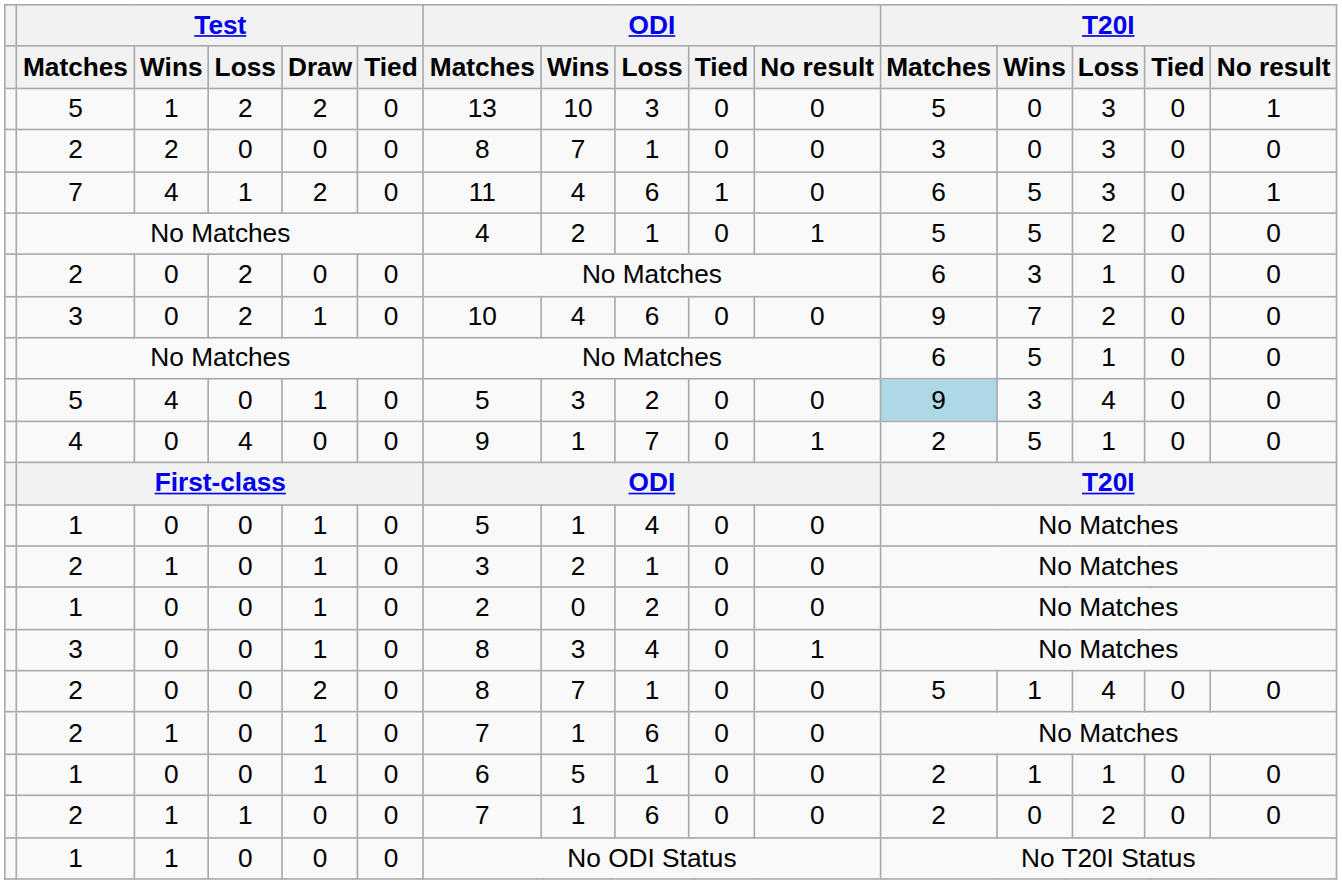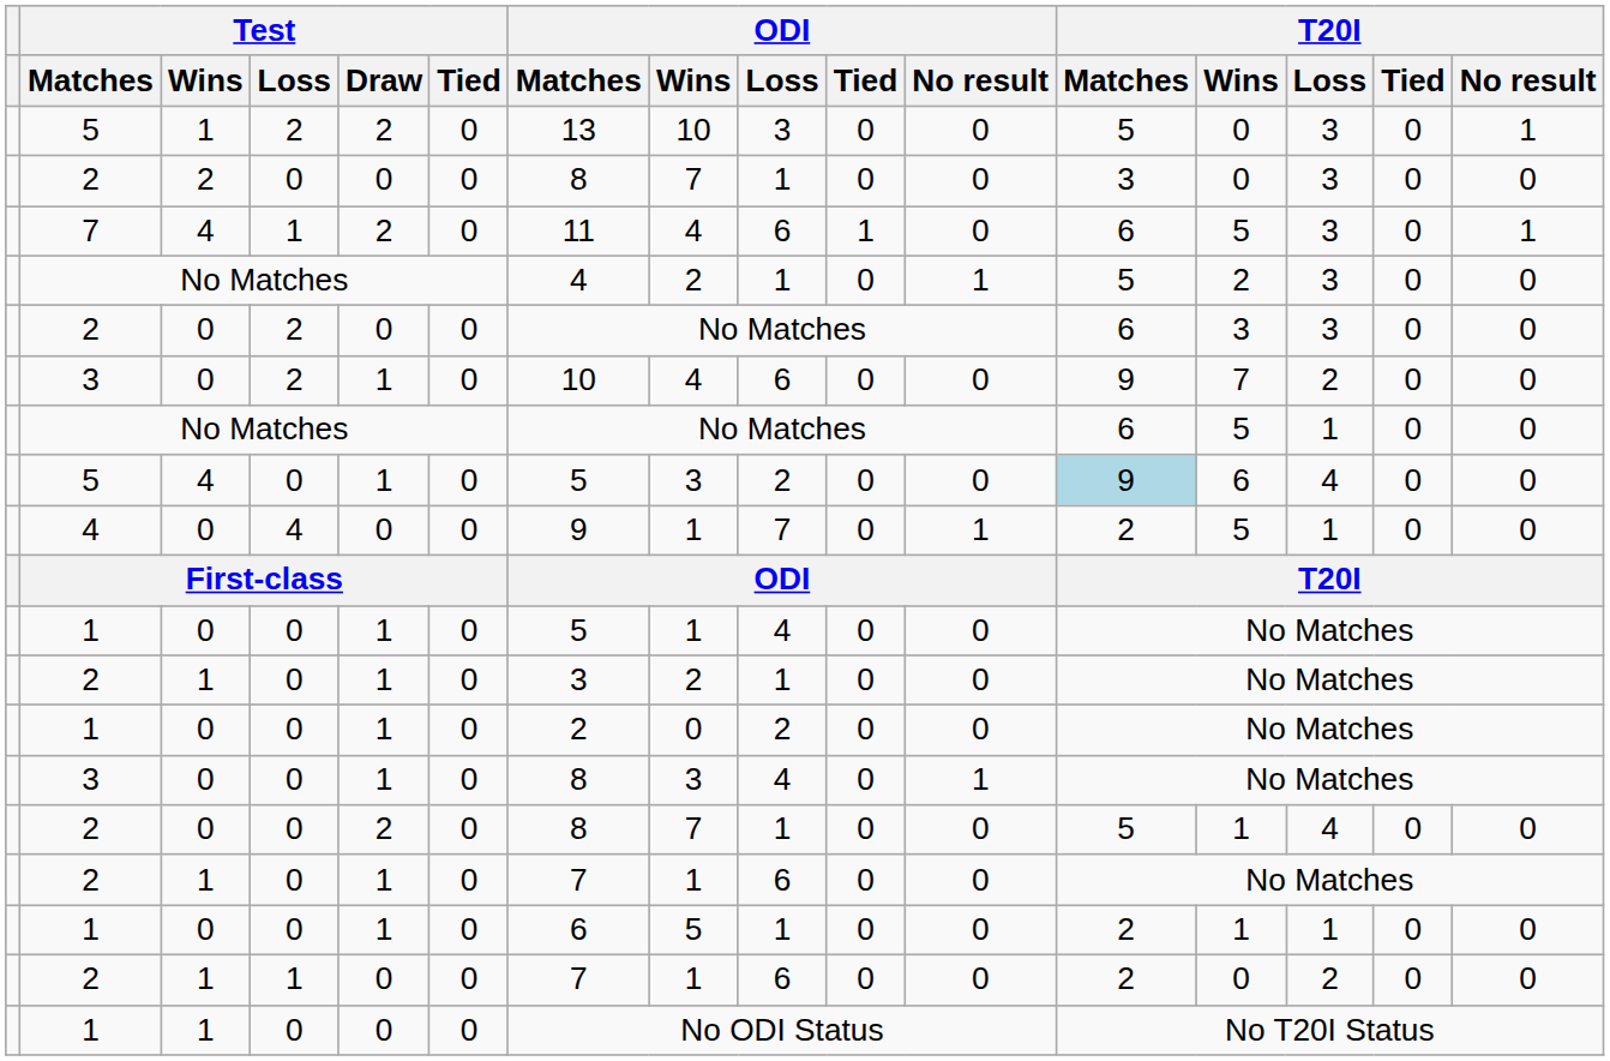 <table class="wikitable" style="text-align:center">
 <tr>
 <th></th>
 <th colspan=5!><a href='#'>Test</a></th>
 <th colspan=5!><a href='#'>ODI</a></th>
 <th colspan=5!><a href='#'>T20I</a></th>
 </tr>
 <tr>
 <th></th>
 <th>Matches</th>
 <th>Wins</th>
 <th>Loss</th>
 <th>Draw</th>
 <th>Tied</th>
 <th>Matches</th>
 <th>Wins</th>
 <th>Loss</th>
 <th>Tied</th>
 <th>No result</th>
 <th>Matches</th>
 <th>Wins</th>
 <th>Loss</th>
 <th>Tied</th>
 <th>No result</th>
 </tr>
 <tr>
 <td align="left"></td>
 <td>5</td>
 <td>1</td>
 <td>2</td>
 <td>2</td>
 <td>0</td>
 <td>13</td>
 <td>10</td>
 <td>3</td>
 <td>0</td>
 <td>0</td>
 <td>5</td>
 <td>0</td>
 <td>3</td>
 <td>0</td>
 <td>1</td>
 </tr>
 <tr>
 <td align="left"></td>
 <td>2</td>
 <td>2</td>
 <td>0</td>
 <td>0</td>
 <td>0</td>
 <td>8</td>
 <td>7</td>
 <td>1</td>
 <td>0</td>
 <td>0</td>
 <td>3</td>
 <td>0</td>
 <td>3</td>
 <td>0</td>
 <td>0</td>
 </tr>
 <tr>
 <td align="left"></td>
 <td>7</td>
 <td>4</td>
 <td>1</td>
 <td>2</td>
 <td>0</td>
 <td>11</td>
 <td>4</td>
 <td>6</td>
 <td>1</td>
 <td>0</td>
 <td>6</td>
 <td>5</td>
 <td>3</td>
 <td>0</td>
 <td>1</td>
 </tr>
 <tr>
 <td align="left"></td>
 <td colspan=5>No Matches</td>
 <td>4</td>
 <td>2</td>
 <td>1</td>
 <td>0</td>
 <td>1</td>
 <td>5</td>
-<td>5</td>
 <td>2</td>
+<td>3</td>
 <td>0</td>
 <td>0</td>
 </tr>
 <tr>
 <td align="left"></td>
 <td>2</td>
 <td>0</td>
 <td>2</td>
 <td>0</td>
 <td>0</td>
 <td colspan=5>No Matches</td>
 <td>6</td>
 <td>3</td>
-<td>1</td>
+<td>3</td>
 <td>0</td>
 <td>0</td>
 </tr>
 <tr>
 <td align="left"></td>
 <td>3</td>
 <td>0</td>
 <td>2</td>
 <td>1</td>
 <td>0</td>
 <td>10</td>
 <td>4</td>
 <td>6</td>
 <td>0</td>
 <td>0</td>
 <td>9</td>
 <td>7</td>
 <td>2</td>
 <td>0</td>
 <td>0</td>
 </tr>
 <tr>
 <td align="left"></td>
 <td colspan=5>No Matches</td>
 <td colspan=5>No Matches</td>
 <td>6</td>
 <td>5</td>
 <td>1</td>
 <td>0</td>
 <td>0</td>
 </tr>
 <tr>
 <td align="left"></td>
 <td>5</td>
 <td>4</td>
 <td>0</td>
 <td>1</td>
 <td>0</td>
 <td>5</td>
 <td>3</td>
 <td>2</td>
 <td>0</td>
 <td>0</td>
 <td style="background: lightblue;">9</td>
-<td>3</td>
+<td>6</td>
 <td>4</td>
 <td>0</td>
 <td>0</td>
 </tr>
 <tr>
 <td align="left"></td>
 <td>4</td>
 <td>0</td>
 <td>4</td>
 <td>0</td>
 <td>0</td>
 <td>9</td>
 <td>1</td>
 <td>7</td>
 <td>0</td>
 <td>1</td>
 <td>2</td>
 <td>5</td>
 <td>1</td>
 <td>0</td>
 <td>0</td>
 </tr>
 <tr>
 <th></th>
 <th colspan=5!><a href='#'>First-class</a></th>
 <th colspan=5!><a href='#'>ODI</a></th>
 <th colspan=5!><a href='#'>T20I</a></th>
 </tr>
 <tr>
 <td align="left"></td>
 <td>1</td>
 <td>0</td>
 <td>0</td>
 <td>1</td>
 <td>0</td>
 <td>5</td>
 <td>1</td>
 <td>4</td>
 <td>0</td>
 <td>0</td>
 <td colspan=5>No Matches</td>
 </tr>
 <tr>
 <td align="left"></td>
 <td>2</td>
 <td>1</td>
 <td>0</td>
 <td>1</td>
 <td>0</td>
 <td>3</td>
 <td>2</td>
 <td>1</td>
 <td>0</td>
 <td>0</td>
 <td colspan=5>No Matches</td>
 </tr>
 <tr>
 <td align="left"></td>
 <td>1</td>
 <td>0</td>
 <td>0</td>
 <td>1</td>
 <td>0</td>
 <td>2</td>
 <td>0</td>
 <td>2</td>
 <td>0</td>
 <td>0</td>
 <td colspan=5>No Matches</td>
 </tr>
 <tr>
 <td align="left"></td>
 <td>3</td>
 <td>0</td>
 <td>0</td>
 <td>1</td>
 <td>0</td>
 <td>8</td>
 <td>3</td>
 <td>4</td>
 <td>0</td>
 <td>1</td>
 <td colspan=5>No Matches</td>
 </tr>
 <tr>
 <td align="left"></td>
 <td>2</td>
 <td>0</td>
 <td>0</td>
 <td>2</td>
 <td>0</td>
 <td>8</td>
 <td>7</td>
 <td>1</td>
 <td>0</td>
 <td>0</td>
 <td>5</td>
 <td>1</td>
 <td>4</td>
 <td>0</td>
 <td>0</td>
 </tr>
 <tr>
 <td align="left"></td>
 <td>2</td>
 <td>1</td>
 <td>0</td>
 <td>1</td>
 <td>0</td>
 <td>7</td>
 <td>1</td>
 <td>6</td>
 <td>0</td>
 <td>0</td>
 <td colspan=5>No Matches</td>
 </tr>
 <tr>
 <td align="left"></td>
 <td>1</td>
 <td>0</td>
 <td>0</td>
 <td>1</td>
 <td>0</td>
 <td>6</td>
 <td>5</td>
 <td>1</td>
 <td>0</td>
 <td>0</td>
 <td>2</td>
 <td>1</td>
 <td>1</td>
 <td>0</td>
 <td>0</td>
 </tr>
 <tr>
 <td align="left"></td>
 <td>2</td>
 <td>1</td>
 <td>1</td>
 <td>0</td>
 <td>0</td>
 <td>7</td>
 <td>1</td>
 <td>6</td>
 <td>0</td>
 <td>0</td>
 <td>2</td>
 <td>0</td>
 <td>2</td>
 <td>0</td>
 <td>0</td>
 </tr>
 <tr>
 <td align="left"></td>
 <td>1</td>
 <td>1</td>
 <td>0</td>
 <td>0</td>
 <td>0</td>
 <td colspan=5>No ODI Status</td>
 <td colspan=5>No T20I Status</td>
 </tr>
 </table>
